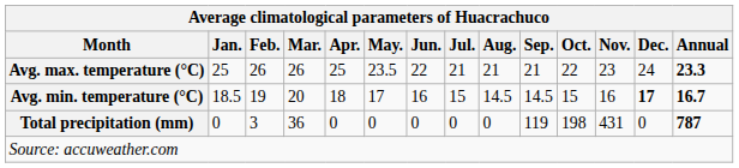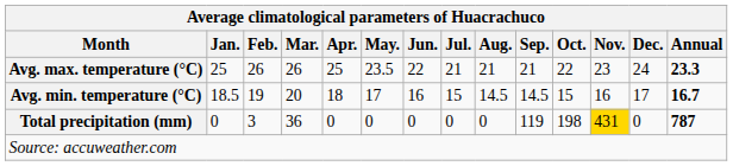 <table class="wikitable">
 <tr>
 <th colspan="14">Average climatological parameters of Huacrachuco</th>
 </tr>
 <tr>
 <th>Month</th>
 <th>Jan.</th>
 <th>Feb.</th>
 <th>Mar.</th>
 <th>Apr.</th>
 <th>May.</th>
 <th>Jun.</th>
 <th>Jul.</th>
 <th>Aug.</th>
 <th>Sep.</th>
 <th>Oct.</th>
 <th>Nov.</th>
 <th>Dec.</th>
 <th>Annual</th>
 </tr>
 <tr>
 <th>Avg. max. temperature (°C)</th>
 <td>25</td>
 <td>26</td>
 <td>26</td>
 <td>25</td>
 <td>23.5</td>
 <td>22</td>
 <td>21</td>
 <td>21</td>
 <td>21</td>
 <td>22</td>
 <td>23</td>
 <td>24</td>
 <td><strong>23.3</strong></td>
 </tr>
 <tr>
 <th>Avg. min. temperature (°C)</th>
 <td>18.5</td>
 <td>19</td>
 <td>20</td>
 <td>18</td>
 <td>17</td>
 <td>16</td>
 <td>15</td>
 <td>14.5</td>
 <td>14.5</td>
 <td>15</td>
 <td>16</td>
-<td><strong>17</strong></td>
+<td>17</td>
 <td><strong>16.7</strong></td>
 </tr>
 <tr>
 <th>Total precipitation (mm)</th>
 <td>0</td>
 <td>3</td>
 <td>36</td>
 <td>0</td>
 <td>0</td>
 <td>0</td>
 <td>0</td>
 <td>0</td>
 <td>119</td>
 <td>198</td>
-<td>431</td>
+<td style="background: gold;">431</td>
 <td>0</td>
 <td><strong>787</strong></td>
 </tr>
 <tr>
 <td colspan="14"><em>Source: accuweather.com</em></td>
 </tr>
 </table>
